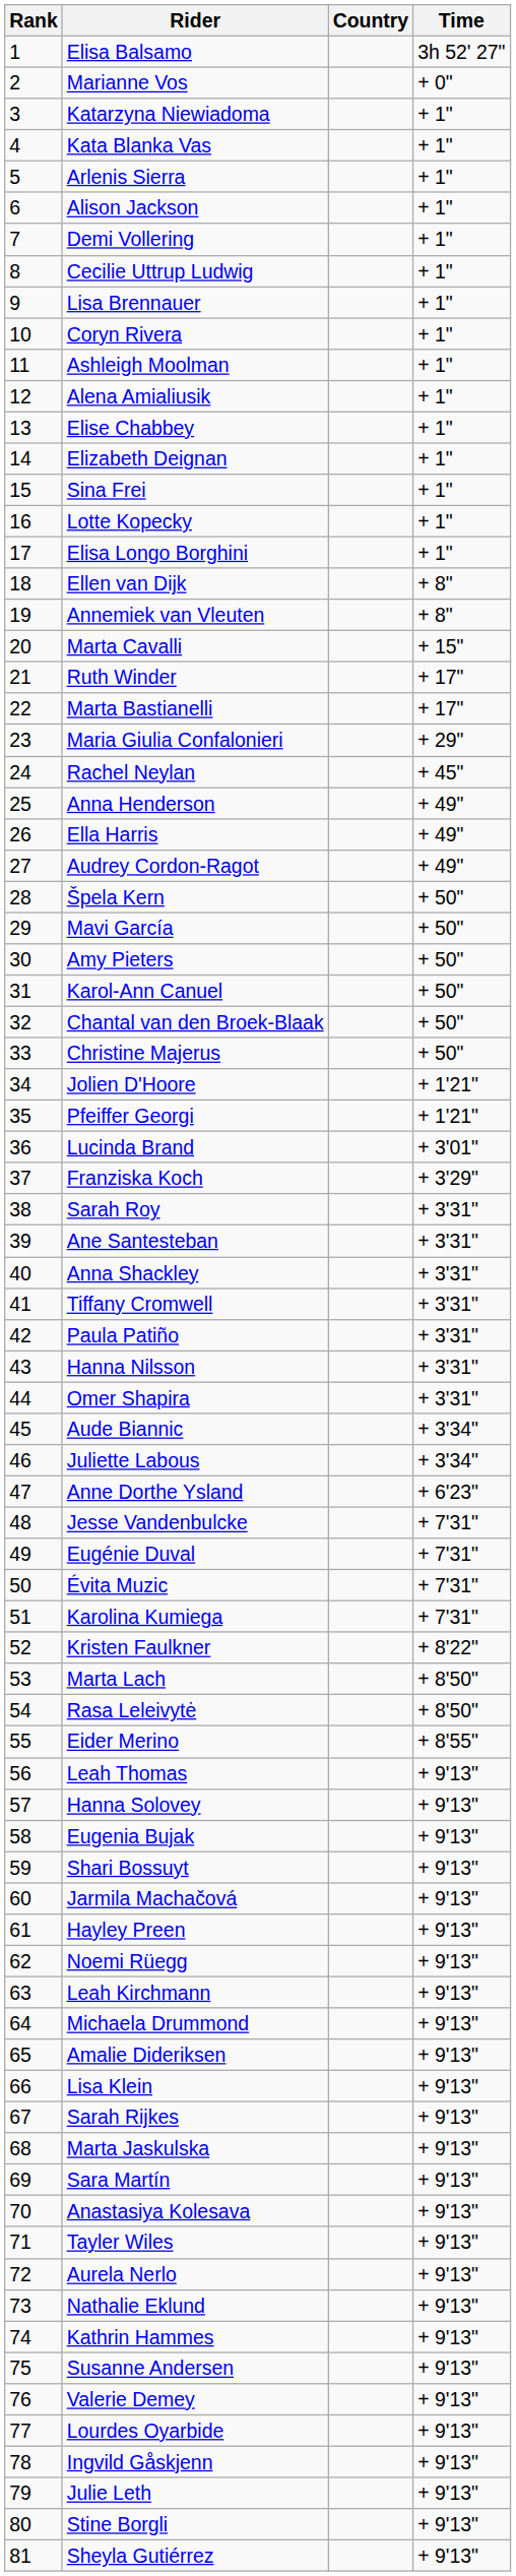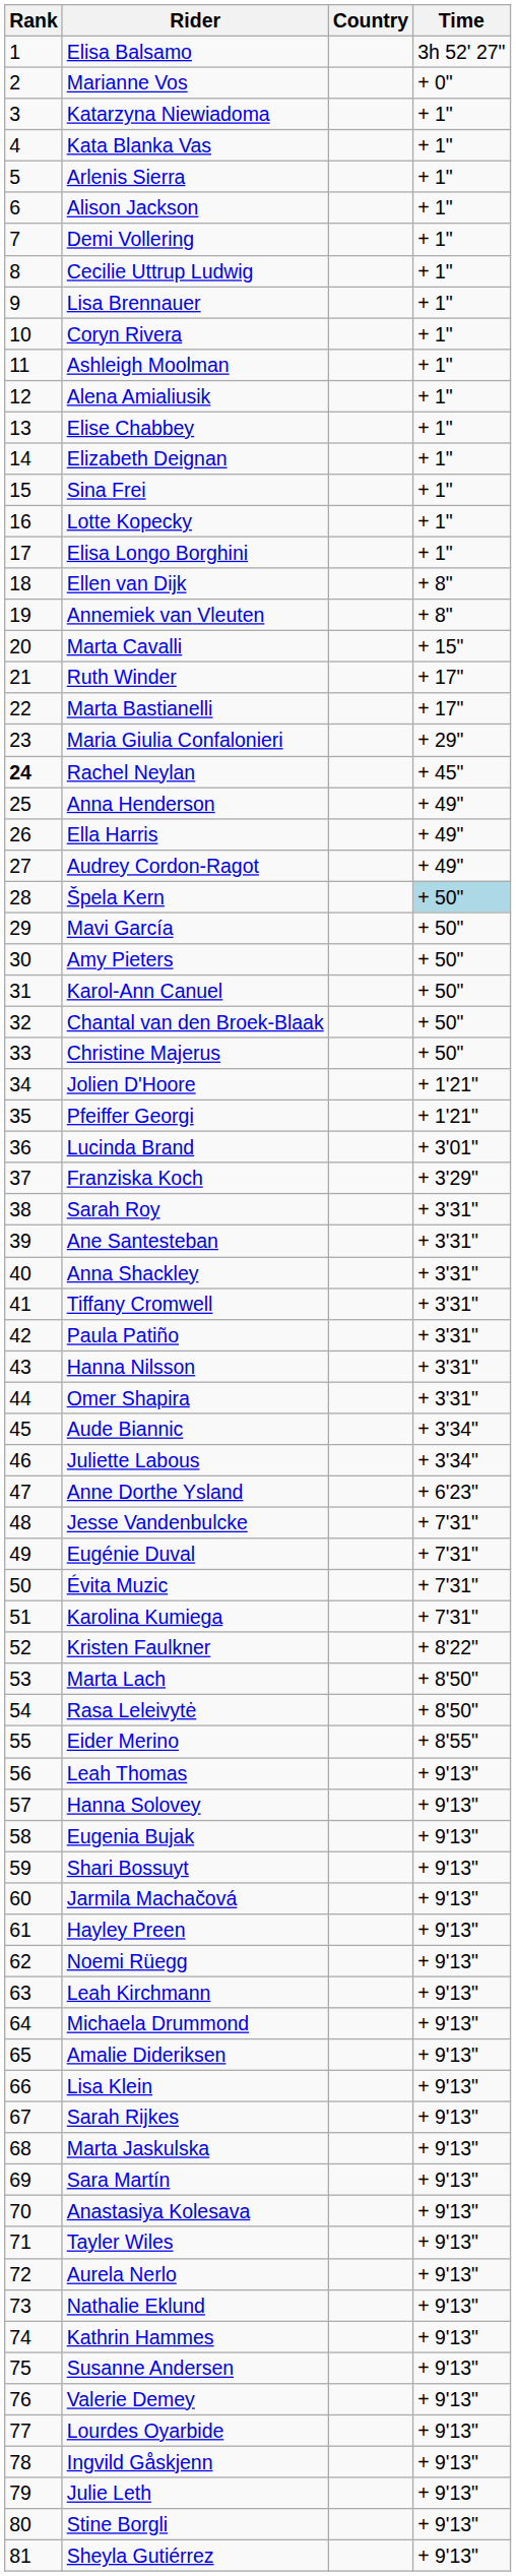 <table class="wikitable sortable" style="font-size:95%; text-align:left;">
 <tr>
 <th>Rank</th>
 <th>Rider</th>
 <th>Country</th>
 <th>Time</th>
 </tr>
 <tr>
 <td>1</td>
 <td><a href='#'>Elisa Balsamo</a></td>
 <td></td>
 <td>3h 52' 27"</td>
 </tr>
 <tr>
 <td>2</td>
 <td><a href='#'>Marianne Vos</a></td>
 <td></td>
 <td>+ 0"</td>
 </tr>
 <tr>
 <td>3</td>
 <td><a href='#'>Katarzyna Niewiadoma</a></td>
 <td></td>
 <td>+ 1"</td>
 </tr>
 <tr>
 <td>4</td>
 <td><a href='#'>Kata Blanka Vas</a></td>
 <td></td>
 <td>+ 1"</td>
 </tr>
 <tr>
 <td>5</td>
 <td><a href='#'>Arlenis Sierra</a></td>
 <td></td>
 <td>+ 1"</td>
 </tr>
 <tr>
 <td>6</td>
 <td><a href='#'>Alison Jackson</a></td>
 <td></td>
 <td>+ 1"</td>
 </tr>
 <tr>
 <td>7</td>
 <td><a href='#'>Demi Vollering</a></td>
 <td></td>
 <td>+ 1"</td>
 </tr>
 <tr>
 <td>8</td>
 <td><a href='#'>Cecilie Uttrup Ludwig</a></td>
 <td></td>
 <td>+ 1"</td>
 </tr>
 <tr>
 <td>9</td>
 <td><a href='#'>Lisa Brennauer</a></td>
 <td></td>
 <td>+ 1"</td>
 </tr>
 <tr>
 <td>10</td>
 <td><a href='#'>Coryn Rivera</a></td>
 <td></td>
 <td>+ 1"</td>
 </tr>
 <tr>
 <td>11</td>
 <td><a href='#'>Ashleigh Moolman</a></td>
 <td></td>
 <td>+ 1"</td>
 </tr>
 <tr>
 <td>12</td>
 <td><a href='#'>Alena Amialiusik</a></td>
 <td></td>
 <td>+ 1"</td>
 </tr>
 <tr>
 <td>13</td>
 <td><a href='#'>Elise Chabbey</a></td>
 <td></td>
 <td>+ 1"</td>
 </tr>
 <tr>
 <td>14</td>
 <td><a href='#'>Elizabeth Deignan</a></td>
 <td></td>
 <td>+ 1"</td>
 </tr>
 <tr>
 <td>15</td>
 <td><a href='#'>Sina Frei</a></td>
 <td></td>
 <td>+ 1"</td>
 </tr>
 <tr>
 <td>16</td>
 <td><a href='#'>Lotte Kopecky</a></td>
 <td></td>
 <td>+ 1"</td>
 </tr>
 <tr>
 <td>17</td>
 <td><a href='#'>Elisa Longo Borghini</a></td>
 <td></td>
 <td>+ 1"</td>
 </tr>
 <tr>
 <td>18</td>
 <td><a href='#'>Ellen van Dijk</a></td>
 <td></td>
 <td>+ 8"</td>
 </tr>
 <tr>
 <td>19</td>
 <td><a href='#'>Annemiek van Vleuten</a></td>
 <td></td>
 <td>+ 8"</td>
 </tr>
 <tr>
 <td>20</td>
 <td><a href='#'>Marta Cavalli</a></td>
 <td></td>
 <td>+ 15"</td>
 </tr>
 <tr>
 <td>21</td>
 <td><a href='#'>Ruth Winder</a></td>
 <td></td>
 <td>+ 17"</td>
 </tr>
 <tr>
 <td>22</td>
 <td><a href='#'>Marta Bastianelli</a></td>
 <td></td>
 <td>+ 17"</td>
 </tr>
 <tr>
 <td>23</td>
 <td><a href='#'>Maria Giulia Confalonieri</a></td>
 <td></td>
 <td>+ 29"</td>
 </tr>
 <tr>
-<td>24</td>
+<td><strong>24</strong></td>
 <td><a href='#'>Rachel Neylan</a></td>
 <td></td>
 <td>+ 45"</td>
 </tr>
 <tr>
 <td>25</td>
 <td><a href='#'>Anna Henderson</a></td>
 <td></td>
 <td>+ 49"</td>
 </tr>
 <tr>
 <td>26</td>
 <td><a href='#'>Ella Harris</a></td>
 <td></td>
 <td>+ 49"</td>
 </tr>
 <tr>
 <td>27</td>
 <td><a href='#'>Audrey Cordon-Ragot</a></td>
 <td></td>
 <td>+ 49"</td>
 </tr>
 <tr>
 <td>28</td>
 <td><a href='#'>Špela Kern</a></td>
 <td></td>
-<td>+ 50"</td>
+<td style="background: lightblue;">+ 50"</td>
 </tr>
 <tr>
 <td>29</td>
 <td><a href='#'>Mavi García</a></td>
 <td></td>
 <td>+ 50"</td>
 </tr>
 <tr>
 <td>30</td>
 <td><a href='#'>Amy Pieters</a></td>
 <td></td>
 <td>+ 50"</td>
 </tr>
 <tr>
 <td>31</td>
 <td><a href='#'>Karol-Ann Canuel</a></td>
 <td></td>
 <td>+ 50"</td>
 </tr>
 <tr>
 <td>32</td>
 <td><a href='#'>Chantal van den Broek-Blaak</a></td>
 <td></td>
 <td>+ 50"</td>
 </tr>
 <tr>
 <td>33</td>
 <td><a href='#'>Christine Majerus</a></td>
 <td></td>
 <td>+ 50"</td>
 </tr>
 <tr>
 <td>34</td>
 <td><a href='#'>Jolien D'Hoore</a></td>
 <td></td>
 <td>+ 1'21"</td>
 </tr>
 <tr>
 <td>35</td>
 <td><a href='#'>Pfeiffer Georgi</a></td>
 <td></td>
 <td>+ 1'21"</td>
 </tr>
 <tr>
 <td>36</td>
 <td><a href='#'>Lucinda Brand</a></td>
 <td></td>
 <td>+ 3'01"</td>
 </tr>
 <tr>
 <td>37</td>
 <td><a href='#'>Franziska Koch</a></td>
 <td></td>
 <td>+ 3'29"</td>
 </tr>
 <tr>
 <td>38</td>
 <td><a href='#'>Sarah Roy</a></td>
 <td></td>
 <td>+ 3'31"</td>
 </tr>
 <tr>
 <td>39</td>
 <td><a href='#'>Ane Santesteban</a></td>
 <td></td>
 <td>+ 3'31"</td>
 </tr>
 <tr>
 <td>40</td>
 <td><a href='#'>Anna Shackley</a></td>
 <td></td>
 <td>+ 3'31"</td>
 </tr>
 <tr>
 <td>41</td>
 <td><a href='#'>Tiffany Cromwell</a></td>
 <td></td>
 <td>+ 3'31"</td>
 </tr>
 <tr>
 <td>42</td>
 <td><a href='#'>Paula Patiño</a></td>
 <td></td>
 <td>+ 3'31"</td>
 </tr>
 <tr>
 <td>43</td>
 <td><a href='#'>Hanna Nilsson</a></td>
 <td></td>
 <td>+ 3'31"</td>
 </tr>
 <tr>
 <td>44</td>
 <td><a href='#'>Omer Shapira</a></td>
 <td></td>
 <td>+ 3'31"</td>
 </tr>
 <tr>
 <td>45</td>
 <td><a href='#'>Aude Biannic</a></td>
 <td></td>
 <td>+ 3'34"</td>
 </tr>
 <tr>
 <td>46</td>
 <td><a href='#'>Juliette Labous</a></td>
 <td></td>
 <td>+ 3'34"</td>
 </tr>
 <tr>
 <td>47</td>
 <td><a href='#'>Anne Dorthe Ysland</a></td>
 <td></td>
 <td>+ 6'23"</td>
 </tr>
 <tr>
 <td>48</td>
 <td><a href='#'>Jesse Vandenbulcke</a></td>
 <td></td>
 <td>+ 7'31"</td>
 </tr>
 <tr>
 <td>49</td>
 <td><a href='#'>Eugénie Duval</a></td>
 <td></td>
 <td>+ 7'31"</td>
 </tr>
 <tr>
 <td>50</td>
 <td><a href='#'>Évita Muzic</a></td>
 <td></td>
 <td>+ 7'31"</td>
 </tr>
 <tr>
 <td>51</td>
 <td><a href='#'>Karolina Kumiega</a></td>
 <td></td>
 <td>+ 7'31"</td>
 </tr>
 <tr>
 <td>52</td>
 <td><a href='#'>Kristen Faulkner</a></td>
 <td></td>
 <td>+ 8'22"</td>
 </tr>
 <tr>
 <td>53</td>
 <td><a href='#'>Marta Lach</a></td>
 <td></td>
 <td>+ 8'50"</td>
 </tr>
 <tr>
 <td>54</td>
 <td><a href='#'>Rasa Leleivytė</a></td>
 <td></td>
 <td>+ 8'50"</td>
 </tr>
 <tr>
 <td>55</td>
 <td><a href='#'>Eider Merino</a></td>
 <td></td>
 <td>+ 8'55"</td>
 </tr>
 <tr>
 <td>56</td>
 <td><a href='#'>Leah Thomas</a></td>
 <td></td>
 <td>+ 9'13"</td>
 </tr>
 <tr>
 <td>57</td>
 <td><a href='#'>Hanna Solovey</a></td>
 <td></td>
 <td>+ 9'13"</td>
 </tr>
 <tr>
 <td>58</td>
 <td><a href='#'>Eugenia Bujak</a></td>
 <td></td>
 <td>+ 9'13"</td>
 </tr>
 <tr>
 <td>59</td>
 <td><a href='#'>Shari Bossuyt</a></td>
 <td></td>
 <td>+ 9'13"</td>
 </tr>
 <tr>
 <td>60</td>
 <td><a href='#'>Jarmila Machačová</a></td>
 <td></td>
 <td>+ 9'13"</td>
 </tr>
 <tr>
 <td>61</td>
 <td><a href='#'>Hayley Preen</a></td>
 <td></td>
 <td>+ 9'13"</td>
 </tr>
 <tr>
 <td>62</td>
 <td><a href='#'>Noemi Rüegg</a></td>
 <td></td>
 <td>+ 9'13"</td>
 </tr>
 <tr>
 <td>63</td>
 <td><a href='#'>Leah Kirchmann</a></td>
 <td></td>
 <td>+ 9'13"</td>
 </tr>
 <tr>
 <td>64</td>
 <td><a href='#'>Michaela Drummond</a></td>
 <td></td>
 <td>+ 9'13"</td>
 </tr>
 <tr>
 <td>65</td>
 <td><a href='#'>Amalie Dideriksen</a></td>
 <td></td>
 <td>+ 9'13"</td>
 </tr>
 <tr>
 <td>66</td>
 <td><a href='#'>Lisa Klein</a></td>
 <td></td>
 <td>+ 9'13"</td>
 </tr>
 <tr>
 <td>67</td>
 <td><a href='#'>Sarah Rijkes</a></td>
 <td></td>
 <td>+ 9'13"</td>
 </tr>
 <tr>
 <td>68</td>
 <td><a href='#'>Marta Jaskulska</a></td>
 <td></td>
 <td>+ 9'13"</td>
 </tr>
 <tr>
 <td>69</td>
 <td><a href='#'>Sara Martín</a></td>
 <td></td>
 <td>+ 9'13"</td>
 </tr>
 <tr>
 <td>70</td>
 <td><a href='#'>Anastasiya Kolesava</a></td>
 <td></td>
 <td>+ 9'13"</td>
 </tr>
 <tr>
 <td>71</td>
 <td><a href='#'>Tayler Wiles</a></td>
 <td></td>
 <td>+ 9'13"</td>
 </tr>
 <tr>
 <td>72</td>
 <td><a href='#'>Aurela Nerlo</a></td>
 <td></td>
 <td>+ 9'13"</td>
 </tr>
 <tr>
 <td>73</td>
 <td><a href='#'>Nathalie Eklund</a></td>
 <td></td>
 <td>+ 9'13"</td>
 </tr>
 <tr>
 <td>74</td>
 <td><a href='#'>Kathrin Hammes</a></td>
 <td></td>
 <td>+ 9'13"</td>
 </tr>
 <tr>
 <td>75</td>
 <td><a href='#'>Susanne Andersen</a></td>
 <td></td>
 <td>+ 9'13"</td>
 </tr>
 <tr>
 <td>76</td>
 <td><a href='#'>Valerie Demey</a></td>
 <td></td>
 <td>+ 9'13"</td>
 </tr>
 <tr>
 <td>77</td>
 <td><a href='#'>Lourdes Oyarbide</a></td>
 <td></td>
 <td>+ 9'13"</td>
 </tr>
 <tr>
 <td>78</td>
 <td><a href='#'>Ingvild Gåskjenn</a></td>
 <td></td>
 <td>+ 9'13"</td>
 </tr>
 <tr>
 <td>79</td>
 <td><a href='#'>Julie Leth</a></td>
 <td></td>
 <td>+ 9'13"</td>
 </tr>
 <tr>
 <td>80</td>
 <td><a href='#'>Stine Borgli</a></td>
 <td></td>
 <td>+ 9'13"</td>
 </tr>
 <tr>
 <td>81</td>
 <td><a href='#'>Sheyla Gutiérrez</a></td>
 <td></td>
 <td>+ 9'13"</td>
 </tr>
 </table>
